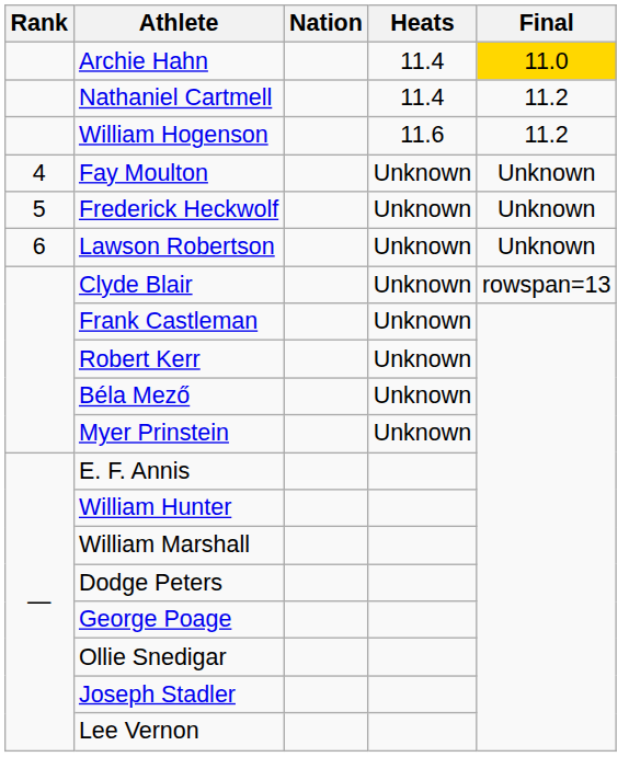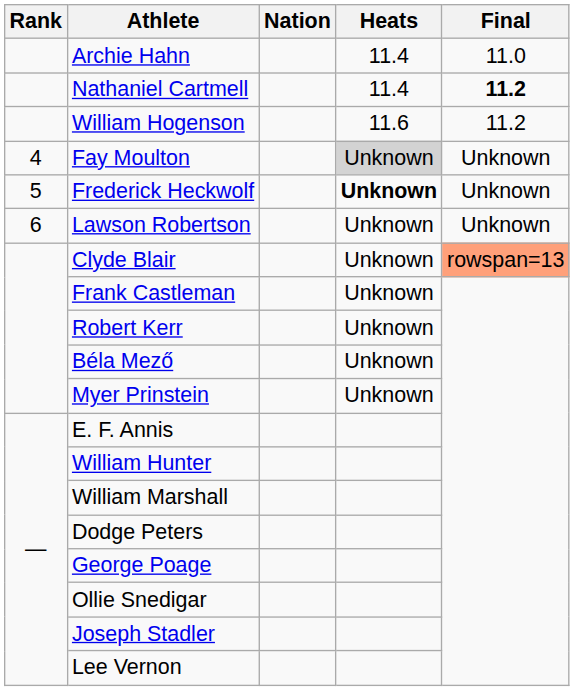 <table class="wikitable sortable" style="text-align:center">
 <tr>
 <th>Rank</th>
 <th>Athlete</th>
 <th>Nation</th>
 <th>Heats</th>
 <th>Final</th>
 </tr>
 <tr>
 <td></td>
 <td align=left><a href='#'>Archie Hahn</a></td>
 <td align=left></td>
 <td>11.4</td>
-<td style="background: gold;">11.0</td>
+<td>11.0</td>
 </tr>
 <tr>
 <td></td>
 <td align=left><a href='#'>Nathaniel Cartmell</a></td>
 <td align=left></td>
 <td>11.4</td>
-<td>11.2</td>
+<td><strong>11.2</strong></td>
 </tr>
 <tr>
 <td></td>
 <td align=left><a href='#'>William Hogenson</a></td>
 <td align=left></td>
 <td>11.6</td>
 <td>11.2</td>
 </tr>
 <tr>
 <td>4</td>
 <td align=left><a href='#'>Fay Moulton</a></td>
 <td align=left></td>
-<td data-sort-value=88.8>Unknown</td>
+<td data-sort-value=88.8 style="background: lightgrey;">Unknown</td>
 <td data-sort-value=88.8>Unknown</td>
 </tr>
 <tr>
 <td>5</td>
 <td align=left><a href='#'>Frederick Heckwolf</a></td>
 <td align=left></td>
-<td data-sort-value=88.8>Unknown</td>
+<td data-sort-value=88.8><strong>Unknown</strong></td>
 <td data-sort-value=88.8>Unknown</td>
 </tr>
 <tr>
 <td>6</td>
 <td align=left><a href='#'>Lawson Robertson</a></td>
 <td align=left></td>
 <td data-sort-value=88.8>Unknown</td>
 <td data-sort-value=88.8>Unknown</td>
 </tr>
 <tr>
 <td rowspan=5 data-sort-value=7></td>
 <td align=left><a href='#'>Clyde Blair</a></td>
 <td align=left></td>
 <td data-sort-value=88.8>Unknown</td>
-<td>rowspan=13 </td>
+<td style="background: lightsalmon;">rowspan=13 </td>
 </tr>
 <tr>
 <td align=left><a href='#'>Frank Castleman</a></td>
 <td align=left></td>
 <td data-sort-value=88.8>Unknown</td>
 </tr>
 <tr>
 <td align=left><a href='#'>Robert Kerr</a></td>
 <td align=left></td>
 <td data-sort-value=88.8>Unknown</td>
 </tr>
 <tr>
 <td align=left><a href='#'>Béla Mező</a></td>
 <td align=left></td>
 <td data-sort-value=88.8>Unknown</td>
 </tr>
 <tr>
 <td align=left><a href='#'>Myer Prinstein</a></td>
 <td align=left></td>
 <td data-sort-value=88.8>Unknown</td>
 </tr>
 <tr>
 <td rowspan=8 data-sort-value=12>—</td>
 <td align=left data-sort-value=Annis>E. F. Annis</td>
 <td align=left></td>
 <td data-sort-value=99.9></td>
 </tr>
 <tr>
 <td align=left data-sort-value=Hunter><a href='#'>William Hunter</a></td>
 <td align=left></td>
 <td data-sort-value=99.9></td>
 </tr>
 <tr>
 <td align=left data-sort-value=Marshall>William Marshall</td>
 <td align=left></td>
 <td data-sort-value=99.9></td>
 </tr>
 <tr>
 <td align=left data-sort-value=Peters>Dodge Peters</td>
 <td align=left></td>
 <td data-sort-value=99.9></td>
 </tr>
 <tr>
 <td align=left data-sort-value=Poage><a href='#'>George Poage</a></td>
 <td align=left></td>
 <td data-sort-value=99.9></td>
 </tr>
 <tr>
 <td align=left data-sort-value=Snedigar>Ollie Snedigar</td>
 <td align=left></td>
 <td data-sort-value=99.9></td>
 </tr>
 <tr>
 <td align=left data-sort-value=Stadler><a href='#'>Joseph Stadler</a></td>
 <td align=left></td>
 <td data-sort-value=99.9></td>
 </tr>
 <tr>
 <td align=left data-sort-value=Vernon>Lee Vernon</td>
 <td align=left></td>
 <td data-sort-value=99.9></td>
 </tr>
 </table>
